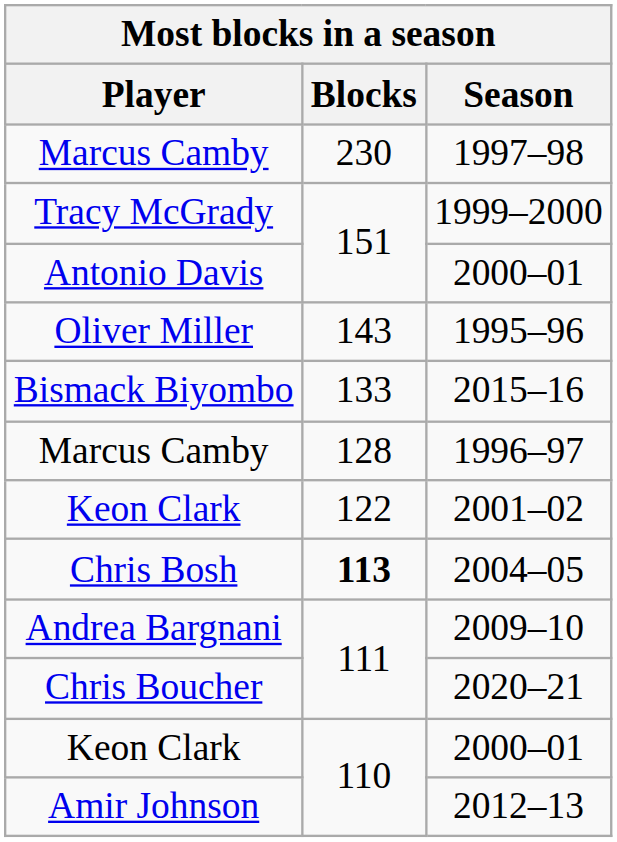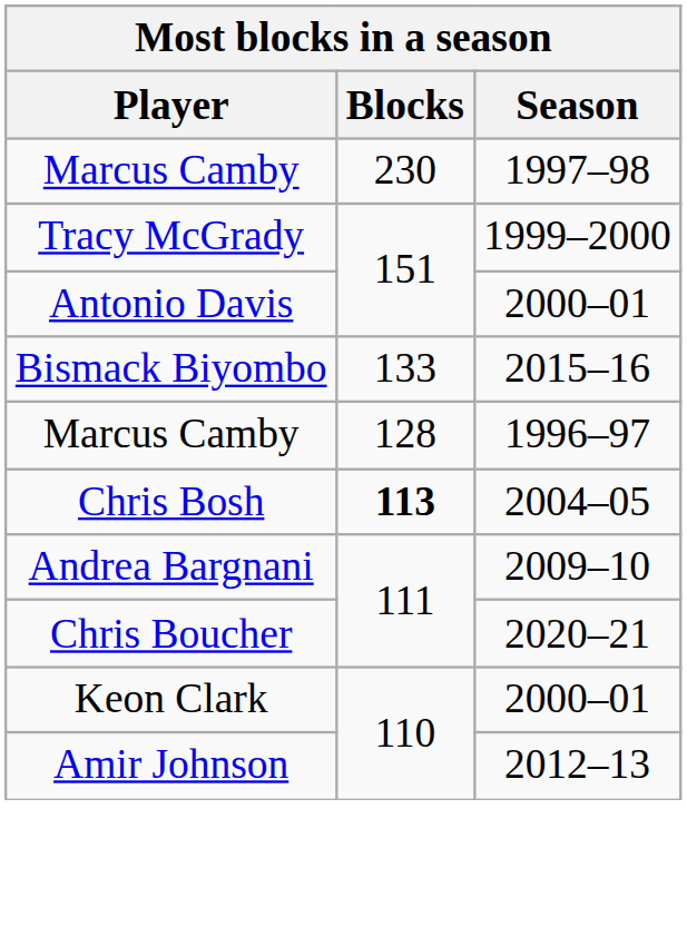 <table class="wikitable sortable" style="text-align:center">
 <tr>
 <th colspan="3">Most blocks in a season</th>
 </tr>
 <tr>
 <th>Player</th>
 <th>Blocks</th>
 <th>Season</th>
 </tr>
 <tr>
 <td><a href='#'>Marcus Camby</a></td>
 <td>230</td>
 <td>1997–98</td>
 </tr>
 <tr>
 <td><a href='#'>Tracy McGrady</a></td>
 <td rowspan=2>151</td>
 <td>1999–2000</td>
 </tr>
 <tr>
 <td><a href='#'>Antonio Davis</a></td>
 <td>2000–01</td>
 </tr>
 <tr>
-<td><a href='#'>Oliver Miller</a></td>
-<td>143</td>
-<td>1995–96</td>
-</tr>
-<tr>
 <td><a href='#'>Bismack Biyombo</a></td>
 <td>133</td>
 <td>2015–16</td>
 </tr>
 <tr>
 <td>Marcus Camby</td>
 <td>128</td>
 <td>1996–97</td>
-</tr>
-<tr>
-<td><a href='#'>Keon Clark</a></td>
-<td>122</td>
-<td>2001–02</td>
 </tr>
 <tr>
 <td><a href='#'>Chris Bosh</a></td>
 <td><strong>113</strong></td>
 <td>2004–05</td>
 </tr>
 <tr>
 <td><a href='#'>Andrea Bargnani</a></td>
 <td rowspan=2>111</td>
 <td>2009–10</td>
 </tr>
 <tr>
 <td><a href='#'>Chris Boucher</a></td>
 <td>2020–21</td>
 </tr>
 <tr>
 <td>Keon Clark</td>
 <td rowspan=2>110</td>
 <td>2000–01</td>
 </tr>
 <tr>
 <td><a href='#'>Amir Johnson</a></td>
 <td>2012–13</td>
 </tr>
 </table>
